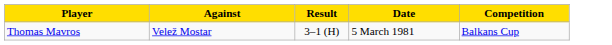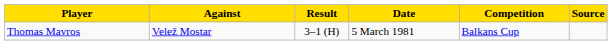 <table class="wikitable">
 <tr>
 <th width=200 style="background:#FFDE00">Player</th>
 <th width=200 style="background:#FFDE00">Against</th>
 <th width=70 style="background:#FFDE00">Result</th>
 <th width=150 style="background:#FFDE00">Date</th>
 <th width=150 style="background:#FFDE00">Competition</th>
+<th style="background:#FFDE00">Source</th>
 </tr>
 <tr>
 <td> <a href='#'>Thomas Mavros</a></td>
 <td> <a href='#'>Velež Mostar</a></td>
 <td align=center>3–1 (H)</td>
 <td>5 March 1981</td>
 <td><a href='#'>Balkans Cup</a></td>
+<td align=center></td>
 </tr>
 </table>
